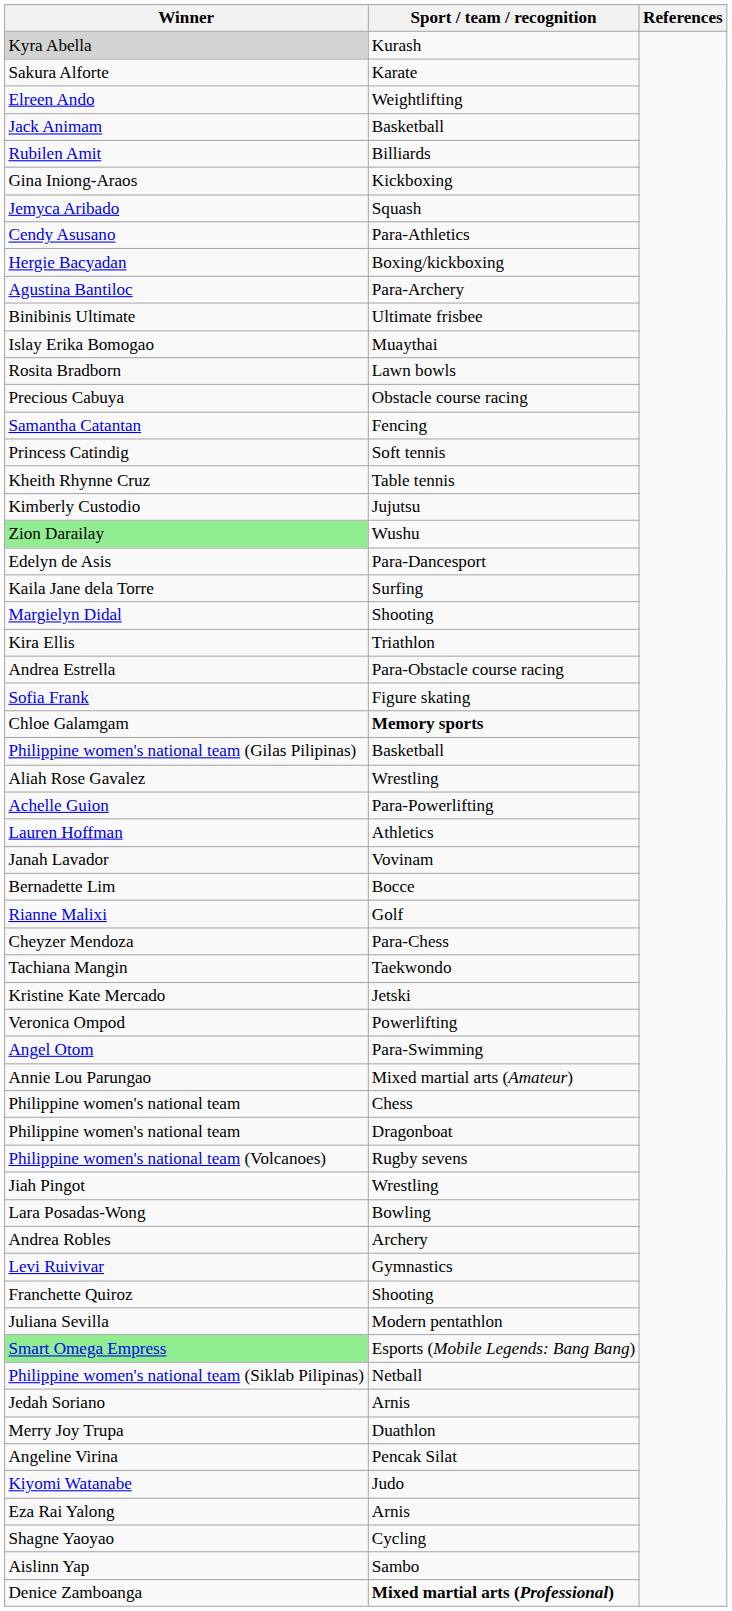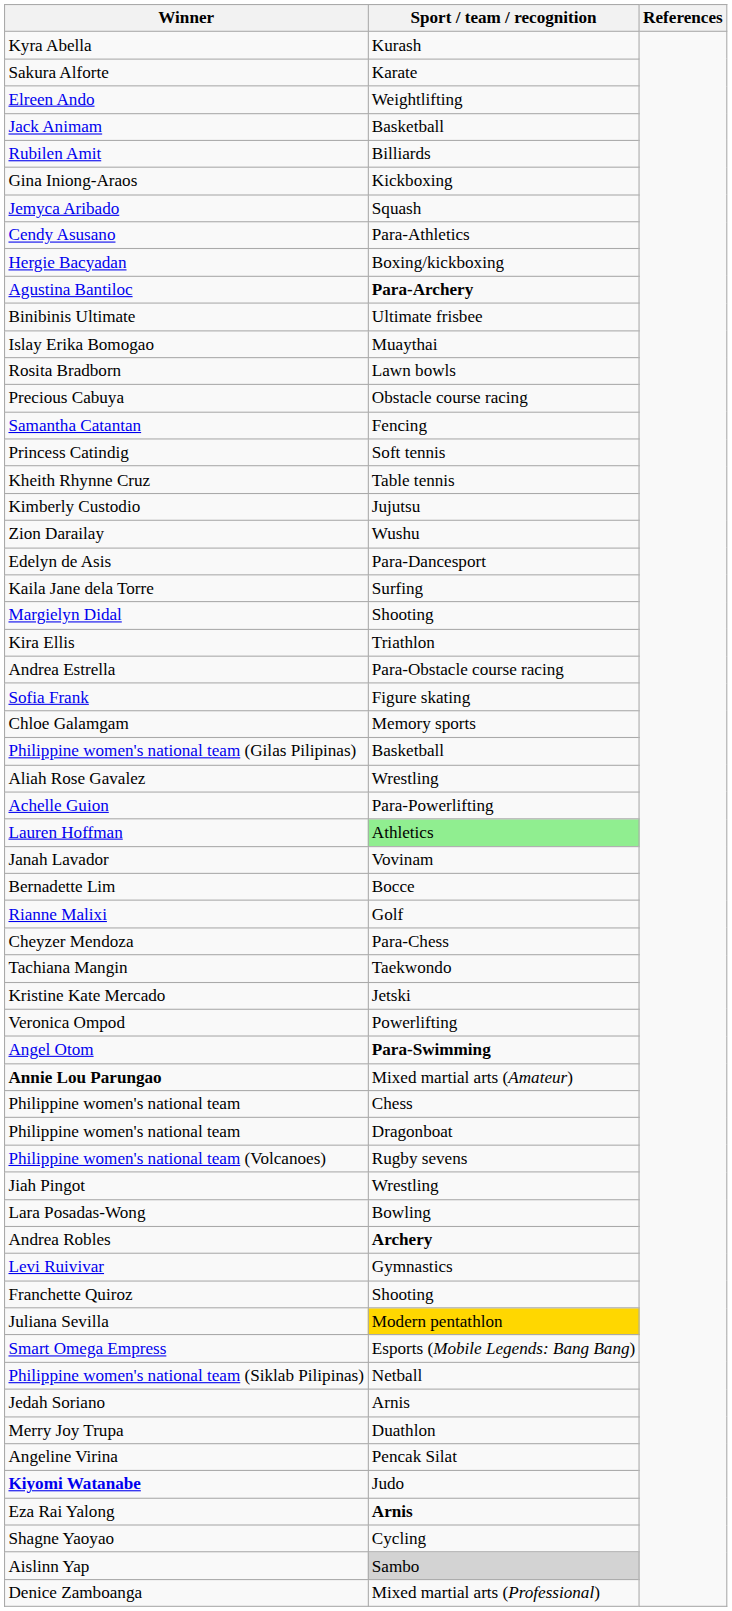 <table class="wikitable">
 <tr>
 <th>Winner</th>
 <th>Sport / team / recognition</th>
 <th>References</th>
 </tr>
 <tr>
-<td style="background: lightgrey;">Kyra Abella</td>
+<td>Kyra Abella</td>
 <td>Kurash</td>
 <td rowspan=59></td>
 </tr>
 <tr>
 <td>Sakura Alforte</td>
 <td>Karate</td>
 </tr>
 <tr>
 <td><a href='#'>Elreen Ando</a></td>
 <td>Weightlifting</td>
 </tr>
 <tr>
 <td><a href='#'>Jack Animam</a></td>
 <td>Basketball</td>
 </tr>
 <tr>
 <td><a href='#'>Rubilen Amit</a></td>
 <td>Billiards</td>
 </tr>
 <tr>
 <td>Gina Iniong-Araos</td>
 <td>Kickboxing</td>
 </tr>
 <tr>
 <td><a href='#'>Jemyca Aribado</a></td>
 <td>Squash</td>
 </tr>
 <tr>
 <td><a href='#'>Cendy Asusano</a></td>
 <td>Para-Athletics</td>
 </tr>
 <tr>
 <td><a href='#'>Hergie Bacyadan</a></td>
 <td>Boxing/kickboxing</td>
 </tr>
 <tr>
 <td><a href='#'>Agustina Bantiloc</a></td>
-<td>Para-Archery</td>
+<td><strong>Para-Archery</strong></td>
 </tr>
 <tr>
 <td>Binibinis Ultimate</td>
 <td>Ultimate frisbee</td>
 </tr>
 <tr>
 <td>Islay Erika Bomogao</td>
 <td>Muaythai</td>
 </tr>
 <tr>
 <td>Rosita Bradborn</td>
 <td>Lawn bowls</td>
 </tr>
 <tr>
 <td>Precious Cabuya</td>
 <td>Obstacle course racing</td>
 </tr>
 <tr>
 <td><a href='#'>Samantha Catantan</a></td>
 <td>Fencing</td>
 </tr>
 <tr>
 <td>Princess Catindig</td>
 <td>Soft tennis</td>
 </tr>
 <tr>
 <td>Kheith Rhynne Cruz</td>
 <td>Table tennis</td>
 </tr>
 <tr>
 <td>Kimberly Custodio</td>
 <td>Jujutsu</td>
 </tr>
 <tr>
-<td style="background: lightgreen;">Zion Darailay</td>
+<td>Zion Darailay</td>
 <td>Wushu</td>
 </tr>
 <tr>
 <td>Edelyn de Asis</td>
 <td>Para-Dancesport</td>
 </tr>
 <tr>
 <td>Kaila Jane dela Torre</td>
 <td>Surfing</td>
 </tr>
 <tr>
 <td><a href='#'>Margielyn Didal</a></td>
 <td>Shooting</td>
 </tr>
 <tr>
 <td>Kira Ellis</td>
 <td>Triathlon</td>
 </tr>
 <tr>
 <td>Andrea Estrella</td>
 <td>Para-Obstacle course racing</td>
 </tr>
 <tr>
 <td><a href='#'>Sofia Frank</a></td>
 <td>Figure skating</td>
 </tr>
 <tr>
 <td>Chloe Galamgam</td>
-<td><strong>Memory sports</strong></td>
+<td>Memory sports</td>
 </tr>
 <tr>
 <td><a href='#'>Philippine women's national team</a> (Gilas Pilipinas)</td>
 <td>Basketball</td>
 </tr>
 <tr>
 <td>Aliah Rose Gavalez</td>
 <td>Wrestling</td>
 </tr>
 <tr>
 <td><a href='#'>Achelle Guion</a></td>
 <td>Para-Powerlifting</td>
 </tr>
 <tr>
 <td><a href='#'>Lauren Hoffman</a></td>
-<td>Athletics</td>
+<td style="background: lightgreen;">Athletics</td>
 </tr>
 <tr>
 <td>Janah Lavador</td>
 <td>Vovinam</td>
 </tr>
 <tr>
 <td>Bernadette Lim</td>
 <td>Bocce</td>
 </tr>
 <tr>
 <td><a href='#'>Rianne Malixi</a></td>
 <td>Golf</td>
 </tr>
 <tr>
 <td>Cheyzer Mendoza</td>
 <td>Para-Chess</td>
 </tr>
 <tr>
 <td>Tachiana Mangin</td>
 <td>Taekwondo</td>
 </tr>
 <tr>
 <td>Kristine Kate Mercado</td>
 <td>Jetski</td>
 </tr>
 <tr>
 <td>Veronica Ompod</td>
 <td>Powerlifting</td>
 </tr>
 <tr>
 <td><a href='#'>Angel Otom</a></td>
-<td>Para-Swimming</td>
+<td><strong>Para-Swimming</strong></td>
 </tr>
 <tr>
-<td>Annie Lou Parungao</td>
+<td><strong>Annie Lou Parungao</strong></td>
 <td>Mixed martial arts (<em>Amateur</em>)</td>
 </tr>
 <tr>
 <td>Philippine women's national team <br> </td>
 <td>Chess</td>
 </tr>
 <tr>
 <td>Philippine women's national team</td>
 <td>Dragonboat</td>
 </tr>
 <tr>
 <td><a href='#'>Philippine women's national team</a> (Volcanoes)</td>
 <td>Rugby sevens</td>
 </tr>
 <tr>
 <td>Jiah Pingot</td>
 <td>Wrestling</td>
 </tr>
 <tr>
 <td>Lara Posadas-Wong</td>
 <td>Bowling</td>
 </tr>
 <tr>
 <td>Andrea Robles</td>
-<td>Archery</td>
+<td><strong>Archery</strong></td>
 </tr>
 <tr>
 <td><a href='#'>Levi Ruivivar</a></td>
 <td>Gymnastics</td>
 </tr>
 <tr>
 <td>Franchette Quiroz</td>
 <td>Shooting</td>
 </tr>
 <tr>
 <td>Juliana Sevilla</td>
-<td>Modern pentathlon</td>
+<td style="background: gold;">Modern pentathlon</td>
 </tr>
 <tr>
-<td style="background: lightgreen;"><a href='#'>Smart Omega Empress</a></td>
+<td><a href='#'>Smart Omega Empress</a></td>
 <td>Esports (<em>Mobile Legends: Bang Bang</em>)</td>
 </tr>
 <tr>
 <td><a href='#'>Philippine women's national team</a> (Siklab Pilipinas)</td>
 <td>Netball</td>
 </tr>
 <tr>
 <td>Jedah Soriano</td>
 <td>Arnis</td>
 </tr>
 <tr>
 <td>Merry Joy Trupa</td>
 <td>Duathlon</td>
 </tr>
 <tr>
 <td>Angeline Virina</td>
 <td>Pencak Silat</td>
 </tr>
 <tr>
-<td><a href='#'>Kiyomi Watanabe</a></td>
+<td><strong><a href='#'>Kiyomi Watanabe</a></strong></td>
 <td>Judo</td>
 </tr>
 <tr>
 <td>Eza Rai Yalong</td>
-<td>Arnis</td>
+<td><strong>Arnis</strong></td>
 </tr>
 <tr>
 <td>Shagne Yaoyao</td>
 <td>Cycling</td>
 </tr>
 <tr>
 <td>Aislinn Yap</td>
-<td>Sambo</td>
+<td style="background: lightgrey;">Sambo</td>
 </tr>
 <tr>
 <td>Denice Zamboanga</td>
-<td><strong>Mixed martial arts (<em>Professional</em>)</strong></td>
+<td>Mixed martial arts (<em>Professional</em>)</td>
 </tr>
 </table>
